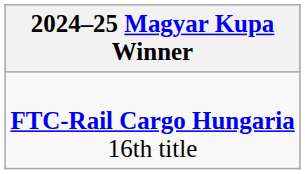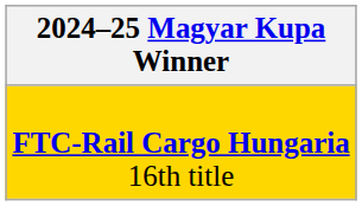 <table class=wikitable style="text-align:center; margin:auto">
 <tr>
 <th>2024–25 <a href='#'>Magyar Kupa</a><br>Winner</th>
 </tr>
 <tr>
-<td align=center><br><strong><a href='#'>FTC-Rail Cargo Hungaria</a></strong><br>16th title</td>
+<td align=center style="background: gold;"><br><strong><a href='#'>FTC-Rail Cargo Hungaria</a></strong><br>16th title</td>
 </tr>
 </table>
